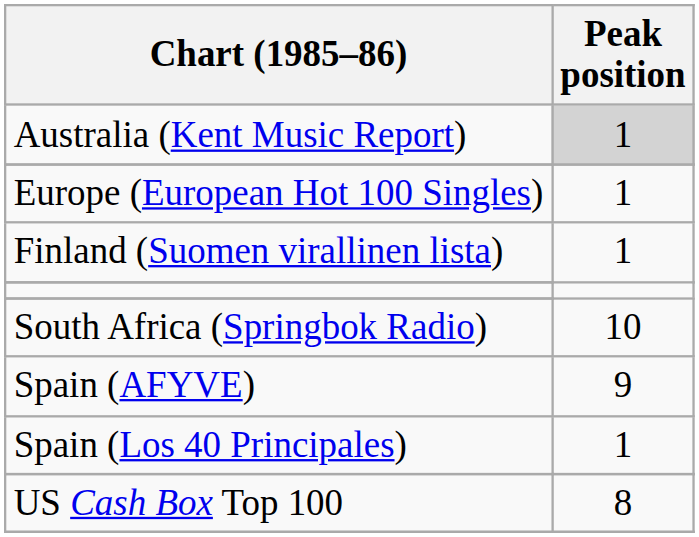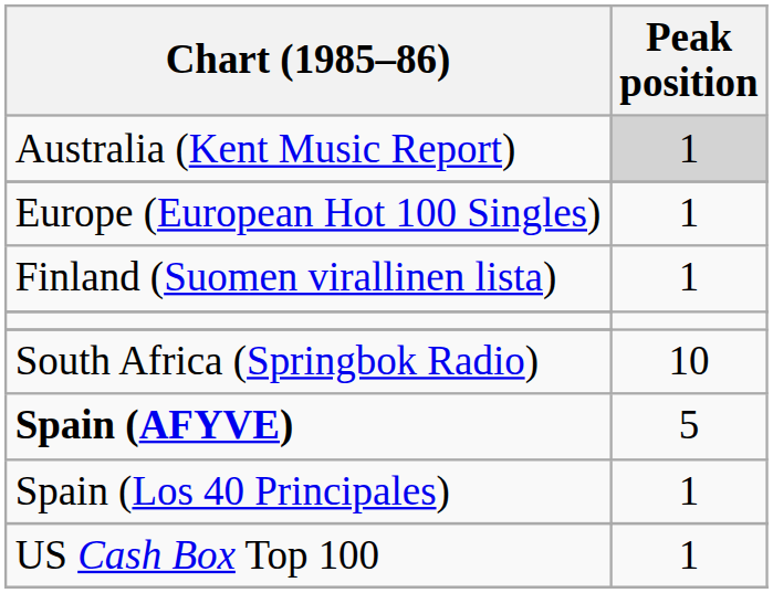 <table class="wikitable sortable">
 <tr>
 <th align="left">Chart (1985–86)</th>
 <th style="text-align:center;">Peak<br>position</th>
 </tr>
 <tr>
 <td>Australia (<a href='#'>Kent Music Report</a>)</td>
 <td style="background: lightgrey; text-align:center;">1</td>
 </tr>
 <tr>
 </tr>
 <tr>
 </tr>
 <tr>
 </tr>
 <tr>
 <td align="left">Europe (<a href='#'>European Hot 100 Singles</a>)</td>
 <td align="center">1</td>
 </tr>
 <tr>
 <td>Finland (<a href='#'>Suomen virallinen lista</a>)</td>
 <td style="text-align:center;">1</td>
 </tr>
 <tr>
 </tr>
 <tr>
 </tr>
 <tr>
 <td></td>
 </tr>
 <tr>
 </tr>
 <tr>
 </tr>
 <tr>
 </tr>
 <tr>
 </tr>
 <tr>
 <td align="left">South Africa (<a href='#'>Springbok Radio</a>)</td>
 <td align="center">10</td>
 </tr>
 <tr>
-<td>Spain (<a href='#'>AFYVE</a>)</td>
-<td align="center">9</td>
+<td><strong>Spain (<a href='#'>AFYVE</a>)</strong></td>
+<td align="center">5</td>
 </tr>
 <tr>
 <td align="left">Spain (<a href='#'>Los 40 Principales</a>)</td>
 <td style="text-align:center;">1</td>
 </tr>
 <tr>
 </tr>
 <tr>
 </tr>
 <tr>
 </tr>
 <tr>
 </tr>
 <tr>
 </tr>
 <tr>
 </tr>
 <tr>
 <td>US <a href='#'><em>Cash Box</em></a> Top 100</td>
-<td align="center">8</td>
+<td align="center">1</td>
 </tr>
 <tr>
 </tr>
 </table>
